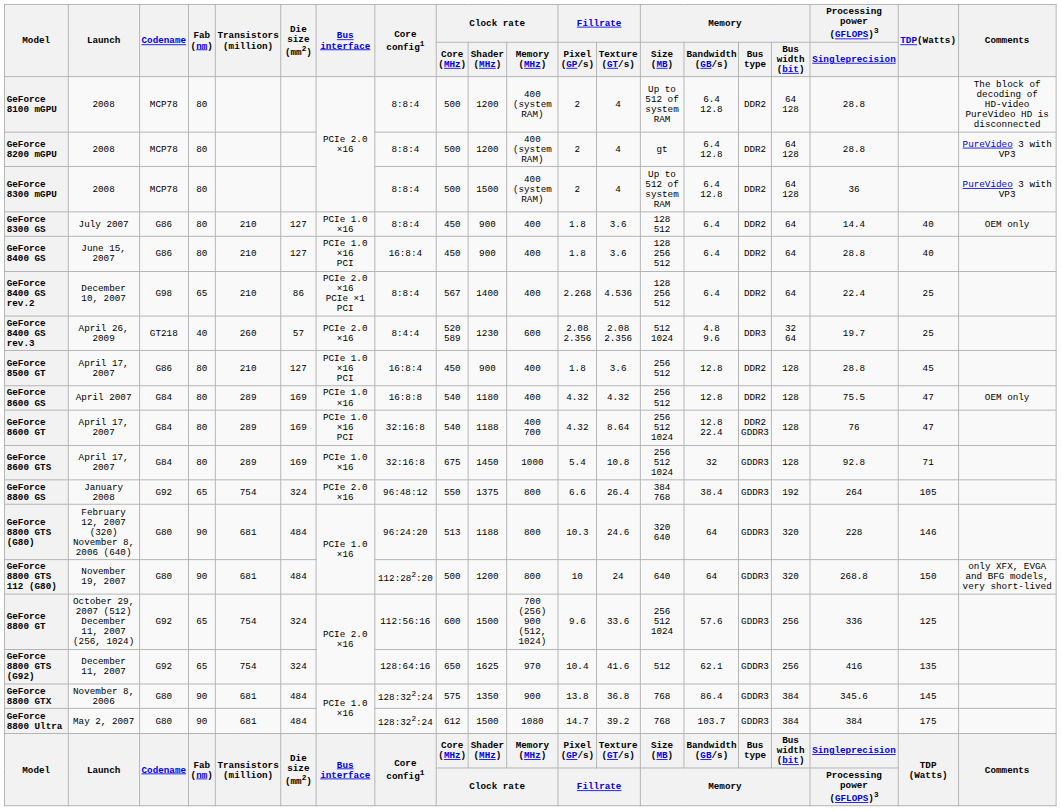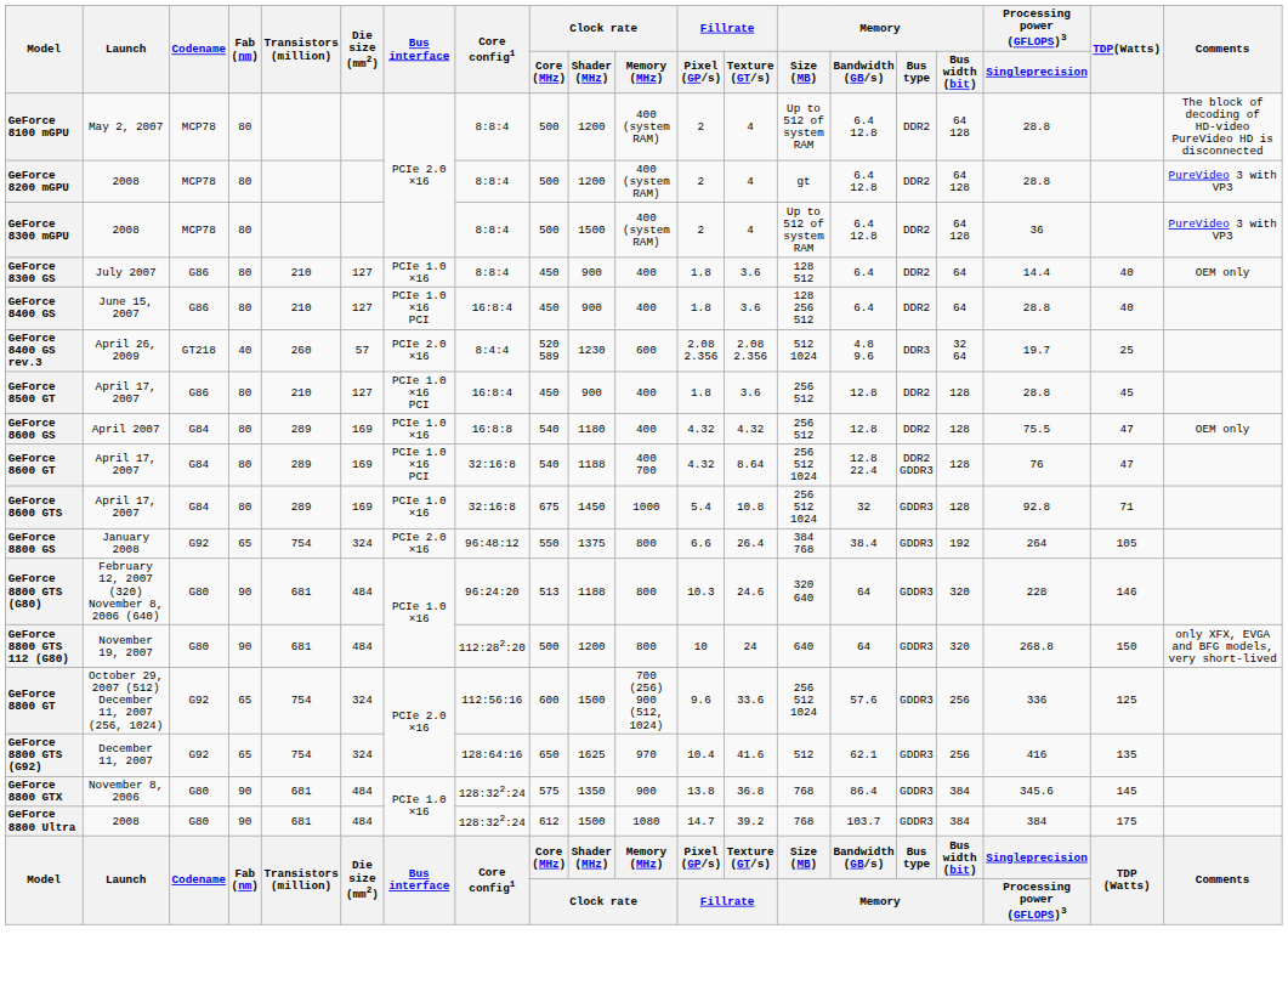 <table class="wikitable" style="font-size: 85%; text-align: center;">
 <tr>
 <th rowspan="2">Model</th>
 <th rowspan="2">Launch</th>
 <th rowspan="2"><a href='#'>Codename</a></th>
 <th rowspan="2">Fab<br>(<a href='#'>nm</a>)</th>
 <th rowspan="2">Transistors<br>(million)</th>
 <th rowspan="2">Die size<br>(mm<sup>2</sup>)</th>
 <th rowspan="2"><a href='#'>Bus</a> <a href='#'>interface</a></th>
 <th rowspan="2">Core config<sup>1</sup></th>
 <th colspan="3">Clock rate</th>
 <th colspan="2"><a href='#'>Fillrate</a></th>
 <th colspan="4">Memory</th>
 <th>Processing<br>power<br>(<a href='#'>GFLOPS</a>)<sup>3</sup></th>
 <th rowspan="2"><a href='#'>TDP</a>(Watts)</th>
 <th rowspan="2">Comments</th>
 </tr>
 <tr>
 <th>Core<br>(<a href='#'>MHz</a>)</th>
 <th>Shader<br>(<a href='#'>MHz</a>)</th>
 <th>Memory<br>(<a href='#'>MHz</a>)</th>
 <th>Pixel<br>(<a href='#'>GP</a>/s)</th>
 <th>Texture<br>(<a href='#'>GT</a>/s)</th>
 <th>Size (<a href='#'>MB</a>)</th>
 <th>Bandwidth<br>(<a href='#'>GB</a>/s)</th>
 <th>Bus<br>type</th>
 <th>Bus<br>width (<a href='#'>bit</a>)</th>
 <th><a href='#'>Singleprecision</a></th>
 </tr>
 <tr>
 <th style="text-align:left;">GeForce 8100 mGPU</th>
-<td>2008</td>
+<td>May 2, 2007</td>
 <td>MCP78</td>
 <td>80</td>
 <td></td>
 <td></td>
 <td rowspan="3">PCIe 2.0 ×16</td>
 <td>8:8:4</td>
 <td>500</td>
 <td>1200</td>
 <td>400<br>(system<br>RAM)</td>
 <td>2</td>
 <td>4</td>
 <td>Up to 512 of<br>system RAM</td>
 <td>6.4<br>12.8</td>
 <td>DDR2</td>
 <td>64<br>128</td>
 <td>28.8</td>
 <td></td>
 <td>The block of decoding of<br>HD-video PureVideo HD is disconnected</td>
 </tr>
 <tr>
 <th style="text-align:left;">GeForce 8200 mGPU</th>
 <td>2008</td>
 <td>MCP78</td>
 <td>80</td>
 <td></td>
 <td></td>
 <td>8:8:4</td>
 <td>500</td>
 <td>1200</td>
 <td>400<br>(system<br>RAM)</td>
 <td>2</td>
 <td>4</td>
 <td>gt</td>
 <td>6.4<br>12.8</td>
 <td>DDR2</td>
 <td>64<br>128</td>
 <td>28.8</td>
 <td></td>
 <td><a href='#'>PureVideo</a> 3 with VP3</td>
 </tr>
 <tr>
 <th style="text-align:left;">GeForce 8300 mGPU</th>
 <td>2008</td>
 <td>MCP78</td>
 <td>80</td>
 <td></td>
 <td></td>
 <td>8:8:4</td>
 <td>500</td>
 <td>1500</td>
 <td>400<br>(system<br>RAM)</td>
 <td>2</td>
 <td>4</td>
 <td>Up to 512 of<br>system RAM</td>
 <td>6.4<br>12.8</td>
 <td>DDR2</td>
 <td>64<br>128</td>
 <td>36</td>
 <td></td>
 <td><a href='#'>PureVideo</a> 3 with VP3</td>
 </tr>
 <tr>
 <th style="text-align:left;">GeForce 8300 GS</th>
 <td>July 2007</td>
 <td>G86</td>
 <td>80</td>
 <td>210</td>
 <td>127</td>
 <td>PCIe 1.0 ×16</td>
 <td>8:8:4</td>
 <td>450</td>
 <td>900</td>
 <td>400</td>
 <td>1.8</td>
 <td>3.6</td>
 <td>128<br>512</td>
 <td>6.4</td>
 <td>DDR2</td>
 <td>64</td>
 <td>14.4</td>
 <td>40</td>
 <td>OEM only</td>
 </tr>
 <tr>
 <th style="text-align:left;">GeForce 8400 GS</th>
 <td>June 15, 2007</td>
 <td>G86</td>
 <td>80</td>
 <td>210</td>
 <td>127</td>
 <td>PCIe 1.0 ×16<br>PCI</td>
 <td>16:8:4</td>
 <td>450</td>
 <td>900</td>
 <td>400</td>
 <td>1.8</td>
 <td>3.6</td>
 <td>128<br>256<br>512</td>
 <td>6.4</td>
 <td>DDR2</td>
 <td>64</td>
 <td>28.8</td>
 <td>40</td>
-<td></td>
-</tr>
-<tr>
-<th style="text-align:left;">GeForce 8400 GS rev.2</th>
-<td>December 10, 2007</td>
-<td>G98</td>
-<td>65</td>
-<td>210</td>
-<td>86</td>
-<td>PCIe 2.0 ×16<br>PCIe ×1<br>PCI</td>
-<td>8:8:4</td>
-<td>567</td>
-<td>1400</td>
-<td>400</td>
-<td>2.268</td>
-<td>4.536</td>
-<td>128<br>256<br>512</td>
-<td>6.4</td>
-<td>DDR2</td>
-<td>64</td>
-<td>22.4</td>
-<td>25</td>
 <td></td>
 </tr>
 <tr>
 <th style="text-align:left;">GeForce 8400 GS rev.3</th>
 <td>April 26, 2009</td>
 <td>GT218</td>
 <td>40</td>
 <td>260</td>
 <td>57</td>
 <td>PCIe 2.0 ×16</td>
 <td>8:4:4</td>
 <td>520<br>589</td>
 <td>1230</td>
 <td>600</td>
 <td>2.08<br>2.356</td>
 <td>2.08<br>2.356</td>
 <td>512<br>1024</td>
 <td>4.8<br>9.6</td>
 <td>DDR3</td>
 <td>32<br>64</td>
 <td>19.7</td>
 <td>25</td>
 <td></td>
 </tr>
 <tr>
 <th style="text-align:left;">GeForce 8500 GT</th>
 <td>April 17, 2007</td>
 <td>G86</td>
 <td>80</td>
 <td>210</td>
 <td>127</td>
 <td>PCIe 1.0 ×16<br>PCI</td>
 <td>16:8:4</td>
 <td>450</td>
 <td>900</td>
 <td>400</td>
 <td>1.8</td>
 <td>3.6</td>
 <td>256<br>512</td>
 <td>12.8</td>
 <td>DDR2</td>
 <td>128</td>
 <td>28.8</td>
 <td>45</td>
 <td></td>
 </tr>
 <tr>
 <th style="text-align:left;">GeForce 8600 GS</th>
 <td>April 2007</td>
 <td>G84</td>
 <td>80</td>
 <td>289</td>
 <td>169</td>
 <td>PCIe 1.0 ×16</td>
 <td>16:8:8</td>
 <td>540</td>
 <td>1180</td>
 <td>400</td>
 <td>4.32</td>
 <td>4.32</td>
 <td>256<br>512</td>
 <td>12.8</td>
 <td>DDR2</td>
 <td>128</td>
 <td>75.5</td>
 <td>47</td>
 <td>OEM only</td>
 </tr>
 <tr>
 <th style="text-align:left;">GeForce 8600 GT</th>
 <td>April 17, 2007</td>
 <td>G84</td>
 <td>80</td>
 <td>289</td>
 <td>169</td>
 <td>PCIe 1.0 ×16<br>PCI</td>
 <td>32:16:8</td>
 <td>540</td>
 <td>1188</td>
 <td>400<br>700</td>
 <td>4.32</td>
 <td>8.64</td>
 <td>256<br>512<br>1024</td>
 <td>12.8<br>22.4</td>
 <td>DDR2<br>GDDR3</td>
 <td>128</td>
 <td>76</td>
 <td>47</td>
 <td></td>
 </tr>
 <tr>
 <th style="text-align:left;">GeForce 8600 GTS</th>
 <td>April 17, 2007</td>
 <td>G84</td>
 <td>80</td>
 <td>289</td>
 <td>169</td>
 <td>PCIe 1.0 ×16</td>
 <td>32:16:8</td>
 <td>675</td>
 <td>1450</td>
 <td>1000</td>
 <td>5.4</td>
 <td>10.8</td>
 <td>256<br>512<br>1024</td>
 <td>32</td>
 <td>GDDR3</td>
 <td>128</td>
 <td>92.8</td>
 <td>71</td>
 <td></td>
 </tr>
 <tr>
 <th style="text-align:left;">GeForce 8800 GS</th>
 <td>January 2008</td>
 <td>G92</td>
 <td>65</td>
 <td>754</td>
 <td>324</td>
 <td>PCIe 2.0 ×16</td>
 <td>96:48:12</td>
 <td>550</td>
 <td>1375</td>
 <td>800</td>
 <td>6.6</td>
 <td>26.4</td>
 <td>384<br>768</td>
 <td>38.4</td>
 <td>GDDR3</td>
 <td>192</td>
 <td>264</td>
 <td>105</td>
 <td></td>
 </tr>
 <tr>
 <th style="text-align:left;">GeForce 8800 GTS (G80)</th>
 <td>February 12, 2007 (320) <br>November 8, 2006 (640)</td>
 <td>G80</td>
 <td>90</td>
 <td>681</td>
 <td>484</td>
 <td rowspan="2">PCIe 1.0 ×16</td>
 <td>96:24:20</td>
 <td>513</td>
 <td>1188</td>
 <td>800</td>
 <td>10.3</td>
 <td>24.6</td>
 <td>320<br>640</td>
 <td>64</td>
 <td>GDDR3</td>
 <td>320</td>
 <td>228</td>
 <td>146</td>
 <td></td>
 </tr>
 <tr>
 <th style="text-align:left;">GeForce 8800 GTS 112 (G80)</th>
 <td>November 19, 2007</td>
 <td>G80</td>
 <td>90</td>
 <td>681</td>
 <td>484</td>
 <td>112:28<sup>2</sup>:20</td>
 <td>500</td>
 <td>1200</td>
 <td>800</td>
 <td>10</td>
 <td>24</td>
 <td>640</td>
 <td>64</td>
 <td>GDDR3</td>
 <td>320</td>
 <td>268.8</td>
 <td>150</td>
 <td>only XFX, EVGA and BFG models,<br>very short-lived</td>
 </tr>
 <tr>
 <th style="text-align:left;">GeForce 8800 GT</th>
 <td>October 29, 2007 (512)<br>December 11, 2007 (256, 1024)</td>
 <td>G92</td>
 <td>65</td>
 <td>754</td>
 <td>324</td>
 <td rowspan="2">PCIe 2.0 ×16</td>
 <td>112:56:16</td>
 <td>600</td>
 <td>1500</td>
 <td>700 (256)<br>900 (512, 1024)</td>
 <td>9.6</td>
 <td>33.6</td>
 <td>256<br>512<br>1024</td>
 <td>57.6</td>
 <td>GDDR3</td>
 <td>256</td>
 <td>336</td>
 <td>125</td>
 <td></td>
 </tr>
 <tr>
 <th style="text-align:left;">GeForce 8800 GTS (G92)</th>
 <td>December 11, 2007</td>
 <td>G92</td>
 <td>65</td>
 <td>754</td>
 <td>324</td>
 <td>128:64:16</td>
 <td>650</td>
 <td>1625</td>
 <td>970</td>
 <td>10.4</td>
 <td>41.6</td>
 <td>512</td>
 <td>62.1</td>
 <td>GDDR3</td>
 <td>256</td>
 <td>416</td>
 <td>135</td>
 <td></td>
 </tr>
 <tr>
 <th style="text-align:left;">GeForce 8800 GTX</th>
 <td>November 8, 2006</td>
 <td>G80</td>
 <td>90</td>
 <td>681</td>
 <td>484</td>
 <td rowspan="2">PCIe 1.0 ×16</td>
 <td>128:32<sup>2</sup>:24</td>
 <td>575</td>
 <td>1350</td>
 <td>900</td>
 <td>13.8</td>
 <td>36.8</td>
 <td>768</td>
 <td>86.4</td>
 <td>GDDR3</td>
 <td>384</td>
 <td>345.6</td>
 <td>145</td>
 <td></td>
 </tr>
 <tr>
 <th style="text-align:left;">GeForce 8800 Ultra</th>
-<td>May 2, 2007</td>
+<td>2008</td>
 <td>G80</td>
 <td>90</td>
 <td>681</td>
 <td>484</td>
 <td>128:32<sup>2</sup>:24</td>
 <td>612</td>
 <td>1500</td>
 <td>1080</td>
 <td>14.7</td>
 <td>39.2</td>
 <td>768</td>
 <td>103.7</td>
 <td>GDDR3</td>
 <td>384</td>
 <td>384</td>
 <td>175</td>
 <td></td>
 </tr>
 <tr>
 <th rowspan="2">Model</th>
 <th rowspan="2">Launch</th>
 <th rowspan="2"><a href='#'>Codename</a></th>
 <th rowspan="2">Fab<br>(<a href='#'>nm</a>)</th>
 <th rowspan="2">Transistors<br>(million)</th>
 <th rowspan="2">Die size<br>(mm<sup>2</sup>)</th>
 <th rowspan="2"><a href='#'>Bus</a> <a href='#'>interface</a></th>
 <th rowspan="2">Core config<sup>1</sup></th>
 <th>Core<br>(<a href='#'>MHz</a>)</th>
 <th>Shader<br>(<a href='#'>MHz</a>)</th>
 <th>Memory<br>(<a href='#'>MHz</a>)</th>
 <th>Pixel<br>(<a href='#'>GP</a>/s)</th>
 <th>Texture<br>(<a href='#'>GT</a>/s)</th>
 <th>Size (<a href='#'>MB</a>)</th>
 <th>Bandwidth<br>(<a href='#'>GB</a>/s)</th>
 <th>Bus<br>type</th>
 <th>Bus<br>width (<a href='#'>bit</a>)</th>
 <th><a href='#'>Singleprecision</a></th>
 <th rowspan="2">TDP<br>(Watts)</th>
 <th rowspan="2">Comments</th>
 </tr>
 <tr>
 <th colspan="3">Clock rate</th>
 <th colspan="2"><a href='#'>Fillrate</a></th>
 <th colspan="4">Memory</th>
 <th>Processing<br>power<br>(<a href='#'>GFLOPS</a>)<sup>3</sup></th>
 </tr>
 </table>
